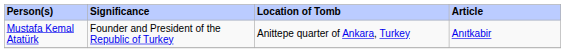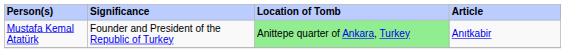 <table class="wikitable" width="100%" border="1" cellspacing="0" cellpadding="2">
 <tr>
 <td width="15%" bgcolor="#bbccff"><strong>Person(s)</strong></td>
 <td width="30%" bgcolor="#bbccff"><strong>Significance</strong></td>
 <td width="35%" bgcolor="#bbccff"><strong>Location of Tomb</strong></td>
 <td width="20%" bgcolor="#bbccff"><strong>Article</strong></td>
 </tr>
 <tr>
 <td><a href='#'>Mustafa Kemal Atatürk</a></td>
 <td>Founder and President of the <a href='#'>Republic of Turkey</a></td>
-<td>Anittepe quarter of <a href='#'>Ankara</a>, <a href='#'>Turkey</a></td>
+<td style="background: lightgreen;">Anittepe quarter of <a href='#'>Ankara</a>, <a href='#'>Turkey</a></td>
 <td><a href='#'>Anıtkabir</a></td>
 </tr>
 <tr>
 </tr>
 </table>
